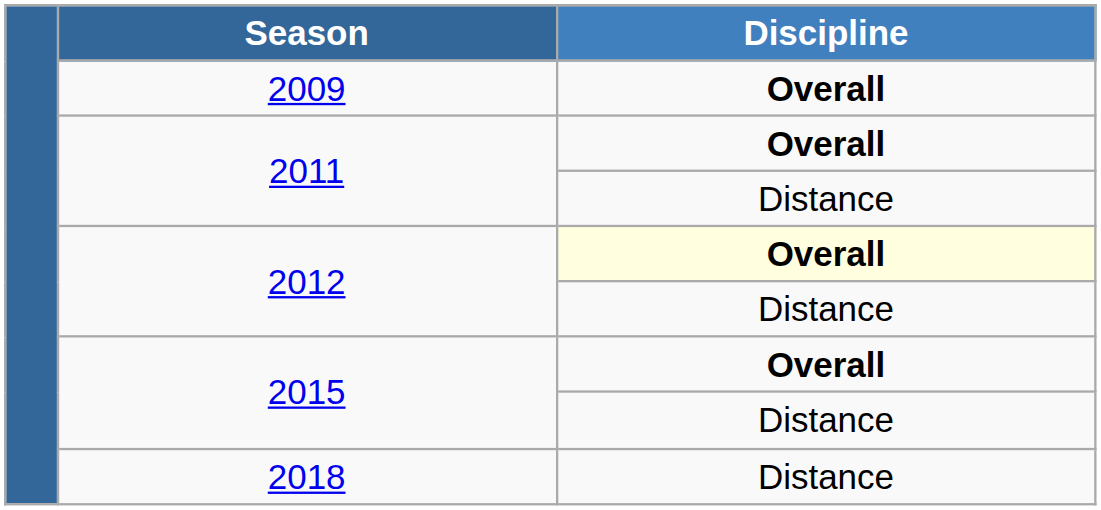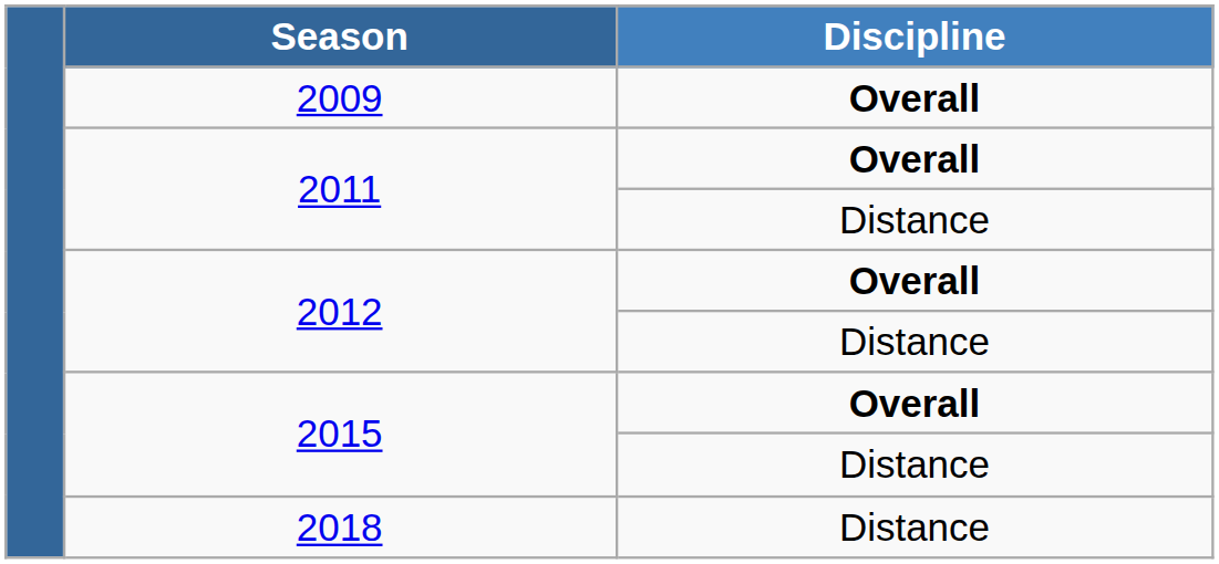 <table class="wikitable"  style="font-size:95%; text-align:center; border:gray solid 1px; width:30%;">
 <tr style="background:#369; color:white;">
 <td rowspan="10" style="width:1%;"></td>
 <td rowspan="2" colspan="1" style="width:10%;"><strong>Season</strong></td>
 </tr>
 <tr style="background-color:#4180be; color:white;">
 <td style="width:10%;"><strong>Discipline</strong></td>
 </tr>
 <tr>
 <td align=center><a href='#'>2009</a></td>
 <td align=center><strong>Overall</strong></td>
 </tr>
 <tr>
 <td rowspan=2 align=center><a href='#'>2011</a></td>
 <td align=center><strong>Overall</strong></td>
 </tr>
 <tr>
 <td align=center>Distance</td>
 </tr>
 <tr>
 <td rowspan=2 align=center><a href='#'>2012</a></td>
-<td align=center style="background: lightyellow;"><strong>Overall</strong></td>
+<td align=center><strong>Overall</strong></td>
 </tr>
 <tr>
 <td align=center>Distance</td>
 </tr>
 <tr>
 <td rowspan=2 align=center><a href='#'>2015</a></td>
 <td align=center><strong>Overall</strong></td>
 </tr>
 <tr>
 <td align=center>Distance</td>
 </tr>
 <tr>
 <td align=center><a href='#'>2018</a></td>
 <td align=center>Distance</td>
 </tr>
 </table>
